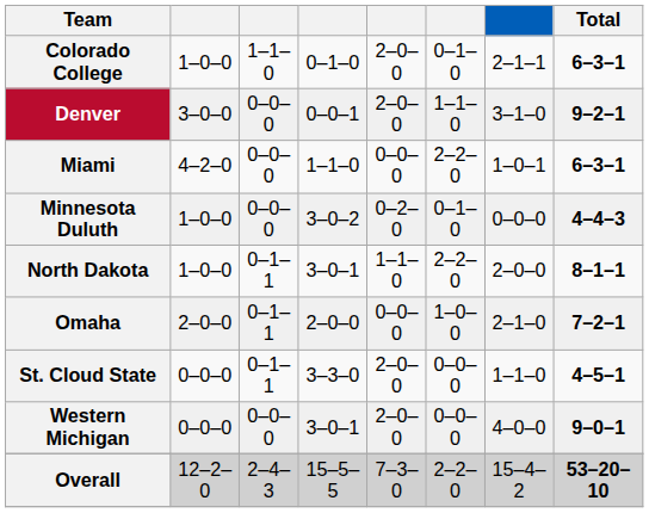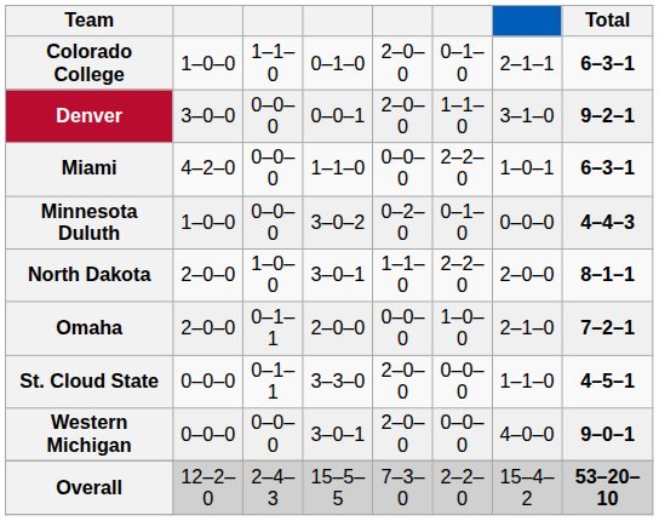 <table class="wikitable" style="text-align: center; "width=60%">
 <tr>
 <th>Team</th>
 <th><a href='#'></a></th>
 <th><a href='#'></a></th>
 <th><a href='#'></a></th>
 <th><a href='#'></a></th>
 <th><a href='#'></a></th>
 <th style="color:white; background:#005EB8"><a href='#'></a></th>
 <th>Total</th>
 </tr>
 <tr>
 <th>Colorado College</th>
 <td>1–0–0</td>
 <td>1–1–0</td>
 <td>0–1–0</td>
 <td>2–0–0</td>
 <td>0–1–0</td>
 <td>2–1–1</td>
 <td><strong>6–3–1</strong></td>
 </tr>
 <tr bgcolor=f0f0f0>
 <th style="color:white; background:#BA0C2F; ">Denver</th>
 <td>3–0–0</td>
 <td>0–0–0</td>
 <td>0–0–1</td>
 <td>2–0–0</td>
 <td>1–1–0</td>
 <td>3–1–0</td>
 <td><strong>9–2–1</strong></td>
 </tr>
 <tr>
 <th>Miami</th>
 <td>4–2–0</td>
 <td>0–0–0</td>
 <td>1–1–0</td>
 <td>0–0–0</td>
 <td>2–2–0</td>
 <td>1–0–1</td>
 <td><strong>6–3–1</strong></td>
 </tr>
 <tr bgcolor=f0f0f0>
 <th>Minnesota Duluth</th>
 <td>1–0–0</td>
 <td>0–0–0</td>
 <td>3–0–2</td>
 <td>0–2–0</td>
 <td>0–1–0</td>
 <td>0–0–0</td>
 <td><strong>4–4–3</strong></td>
 </tr>
 <tr>
 <th>North Dakota</th>
+<td>2–0–0</td>
 <td>1–0–0</td>
-<td>0–1–1</td>
 <td>3–0–1</td>
 <td>1–1–0</td>
 <td>2–2–0</td>
 <td>2–0–0</td>
 <td><strong>8–1–1</strong></td>
 </tr>
 <tr bgcolor=f0f0f0>
 <th>Omaha</th>
 <td>2–0–0</td>
 <td>0–1–1</td>
 <td>2–0–0</td>
 <td>0–0–0</td>
 <td>1–0–0</td>
 <td>2–1–0</td>
 <td><strong>7–2–1</strong></td>
 </tr>
 <tr>
 <th>St. Cloud State</th>
 <td>0–0–0</td>
 <td>0–1–1</td>
 <td>3–3–0</td>
 <td>2–0–0</td>
 <td>0–0–0</td>
 <td>1–1–0</td>
 <td><strong>4–5–1</strong></td>
 </tr>
 <tr bgcolor=f0f0f0>
 <th>Western Michigan</th>
 <td>0–0–0</td>
 <td>0–0–0</td>
 <td>3–0–1</td>
 <td>2–0–0</td>
 <td>0–0–0</td>
 <td>4–0–0</td>
 <td><strong>9–0–1</strong></td>
 </tr>
 <tr>
 </tr>
 <tr bgcolor=d0d0d0>
 <th>Overall</th>
 <td>12–2–0</td>
 <td>2–4–3</td>
 <td>15–5–5</td>
 <td>7–3–0</td>
 <td>2–2–0</td>
 <td>15–4–2</td>
 <td><strong>53–20–10</strong></td>
 </tr>
 <tr>
 </tr>
 </table>
